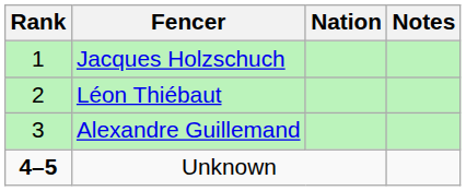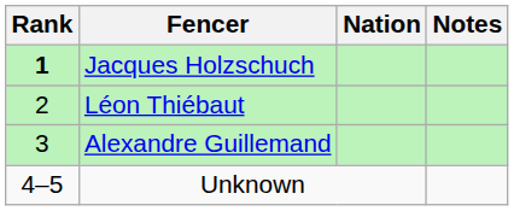 <table class="wikitable sortable" style="text-align:center">
 <tr>
 <th>Rank</th>
 <th>Fencer</th>
 <th>Nation</th>
 <th>Notes</th>
 </tr>
 <tr bgcolor=bbf3bb>
-<td>1</td>
+<td><strong>1</strong></td>
 <td align=left><a href='#'>Jacques Holzschuch</a></td>
 <td align=left></td>
 <td></td>
 </tr>
 <tr bgcolor=bbf3bb>
 <td>2</td>
 <td align=left><a href='#'>Léon Thiébaut</a></td>
 <td align=left></td>
 <td></td>
 </tr>
 <tr bgcolor=bbf3bb>
 <td>3</td>
 <td align=left><a href='#'>Alexandre Guillemand</a></td>
 <td align=left></td>
 <td></td>
 </tr>
 <tr>
-<td><strong>4–5</strong></td>
+<td>4–5</td>
 <td colspan=2>Unknown</td>
 <td></td>
 </tr>
 </table>
